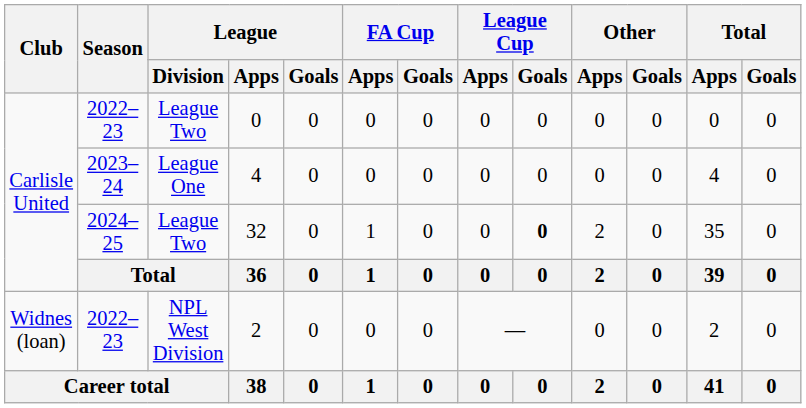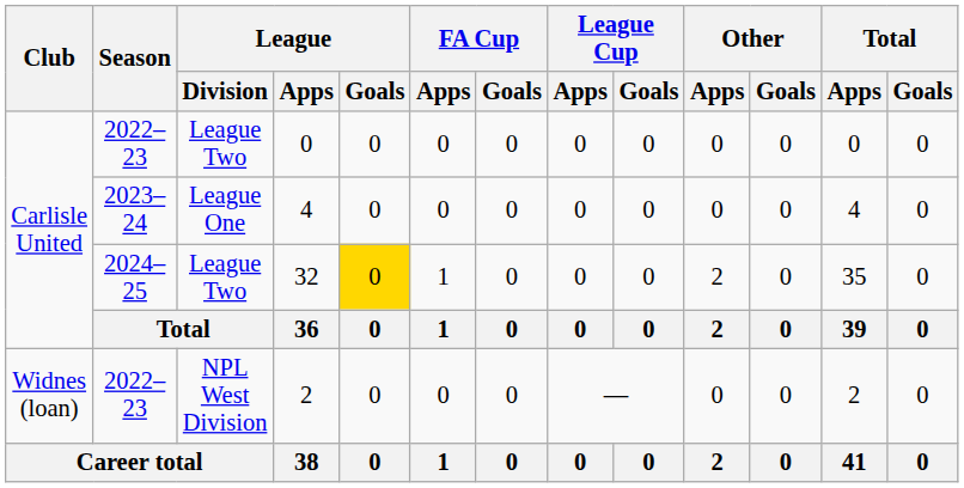 <table class="wikitable" style="text-align: center">
 <tr>
 <th rowspan="2">Club</th>
 <th rowspan="2">Season</th>
 <th colspan="3">League</th>
 <th colspan="2"><a href='#'>FA Cup</a></th>
 <th colspan="2"><a href='#'>League Cup</a></th>
 <th colspan="2">Other</th>
 <th colspan="2">Total</th>
 </tr>
 <tr>
 <th>Division</th>
 <th>Apps</th>
 <th>Goals</th>
 <th>Apps</th>
 <th>Goals</th>
 <th>Apps</th>
 <th>Goals</th>
 <th>Apps</th>
 <th>Goals</th>
 <th>Apps</th>
 <th>Goals</th>
 </tr>
 <tr>
 <td rowspan="4"><a href='#'>Carlisle United</a></td>
 <td><a href='#'>2022–23</a></td>
 <td><a href='#'>League Two</a></td>
 <td>0</td>
 <td>0</td>
 <td>0</td>
 <td>0</td>
 <td>0</td>
 <td>0</td>
 <td>0</td>
 <td>0</td>
 <td>0</td>
 <td>0</td>
 </tr>
 <tr>
 <td><a href='#'>2023–24</a></td>
 <td><a href='#'>League One</a></td>
 <td>4</td>
 <td>0</td>
 <td>0</td>
 <td>0</td>
 <td>0</td>
 <td>0</td>
 <td>0</td>
 <td>0</td>
 <td>4</td>
 <td>0</td>
 </tr>
 <tr>
 <td><a href='#'>2024–25</a></td>
 <td><a href='#'>League Two</a></td>
 <td>32</td>
-<td>0</td>
+<td style="background: gold;">0</td>
 <td>1</td>
 <td>0</td>
 <td>0</td>
-<td><strong>0</strong></td>
+<td>0</td>
 <td>2</td>
 <td>0</td>
 <td>35</td>
 <td>0</td>
 </tr>
 <tr>
 <th colspan="2">Total</th>
 <th>36</th>
 <th>0</th>
 <th>1</th>
 <th>0</th>
 <th>0</th>
 <th>0</th>
 <th>2</th>
 <th>0</th>
 <th>39</th>
 <th>0</th>
 </tr>
 <tr>
 <td><a href='#'>Widnes</a> (loan)</td>
 <td><a href='#'>2022–23</a></td>
 <td><a href='#'>NPL West Division</a></td>
 <td>2</td>
 <td>0</td>
 <td>0</td>
 <td>0</td>
 <td colspan="2">—</td>
 <td>0</td>
 <td>0</td>
 <td>2</td>
 <td>0</td>
 </tr>
 <tr>
 <th colspan="3">Career total</th>
 <th>38</th>
 <th>0</th>
 <th>1</th>
 <th>0</th>
 <th>0</th>
 <th>0</th>
 <th>2</th>
 <th>0</th>
 <th>41</th>
 <th>0</th>
 </tr>
 </table>
